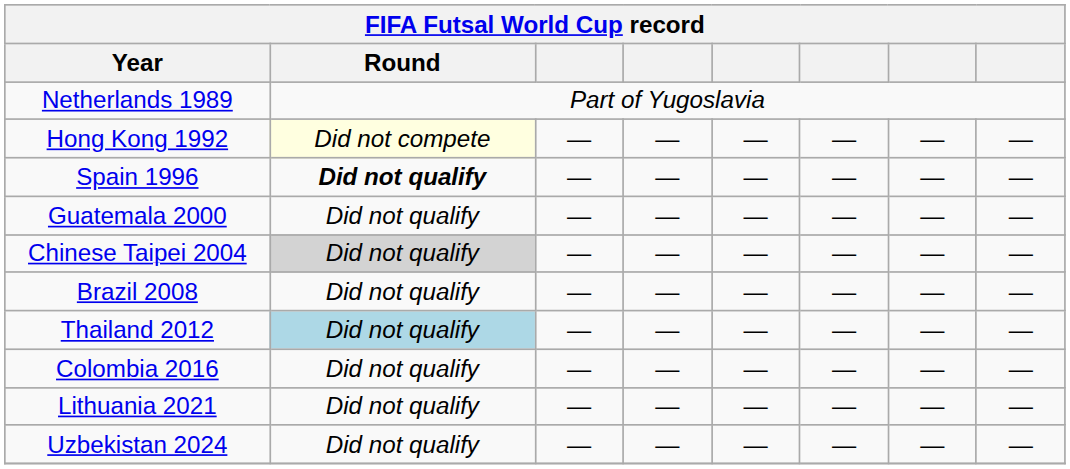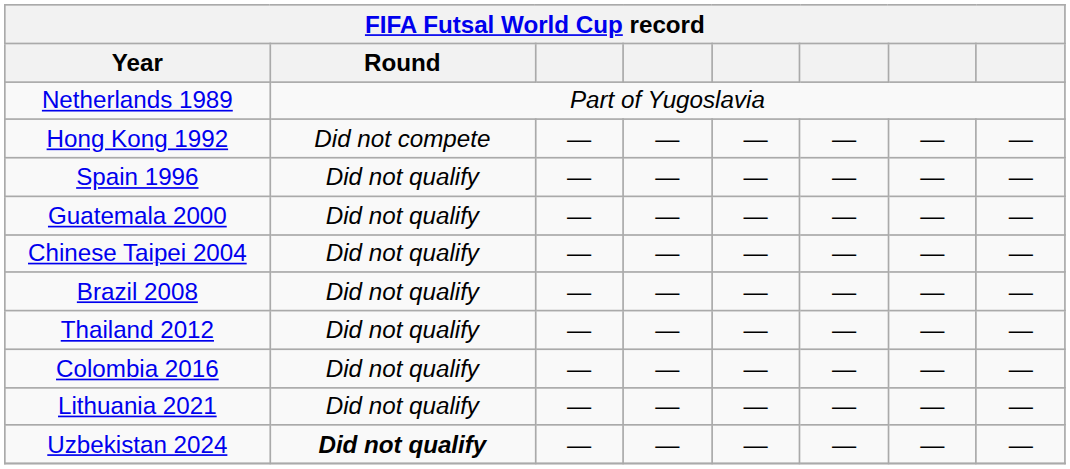 <table class="wikitable" width=50% style="text-align: center;font-size:90%;">
 <tr>
 <th colspan=9><a href='#'>FIFA Futsal World Cup</a> record</th>
 </tr>
 <tr>
 <th width=25%>Year</th>
 <th width=25%>Round</th>
 <th></th>
 <th></th>
 <th></th>
 <th></th>
 <th></th>
 <th></th>
 </tr>
 <tr>
 <td><a href='#'>Netherlands 1989</a></td>
 <td colspan=8><em>Part of Yugoslavia</em></td>
 </tr>
 <tr>
 <td><a href='#'>Hong Kong 1992</a></td>
-<td style="background: lightyellow;"><em>Did not compete</em></td>
+<td><em>Did not compete</em></td>
 <td>—</td>
 <td>—</td>
 <td>—</td>
 <td>—</td>
 <td>—</td>
 <td>—</td>
 </tr>
 <tr>
 <td><a href='#'>Spain 1996</a></td>
-<td><strong><em>Did not qualify</em></strong></td>
+<td><em>Did not qualify</em></td>
 <td>—</td>
 <td>—</td>
 <td>—</td>
 <td>—</td>
 <td>—</td>
 <td>—</td>
 </tr>
 <tr>
 <td><a href='#'>Guatemala 2000</a></td>
 <td><em>Did not qualify</em></td>
 <td>—</td>
 <td>—</td>
 <td>—</td>
 <td>—</td>
 <td>—</td>
 <td>—</td>
 </tr>
 <tr>
 <td><a href='#'>Chinese Taipei 2004</a></td>
-<td style="background: lightgrey;"><em>Did not qualify</em></td>
+<td><em>Did not qualify</em></td>
 <td>—</td>
 <td>—</td>
 <td>—</td>
 <td>—</td>
 <td>—</td>
 <td>—</td>
 </tr>
 <tr>
 <td><a href='#'>Brazil 2008</a></td>
 <td><em>Did not qualify</em></td>
 <td>—</td>
 <td>—</td>
 <td>—</td>
 <td>—</td>
 <td>—</td>
 <td>—</td>
 </tr>
 <tr>
 <td><a href='#'>Thailand 2012</a></td>
-<td style="background: lightblue;"><em>Did not qualify</em></td>
+<td><em>Did not qualify</em></td>
 <td>—</td>
 <td>—</td>
 <td>—</td>
 <td>—</td>
 <td>—</td>
 <td>—</td>
 </tr>
 <tr>
 <td><a href='#'>Colombia 2016</a></td>
 <td><em>Did not qualify</em></td>
 <td>—</td>
 <td>—</td>
 <td>—</td>
 <td>—</td>
 <td>—</td>
 <td>—</td>
 </tr>
 <tr>
 <td><a href='#'>Lithuania 2021</a></td>
 <td><em>Did not qualify</em></td>
 <td>—</td>
 <td>—</td>
 <td>—</td>
 <td>—</td>
 <td>—</td>
 <td>—</td>
 </tr>
 <tr>
 <td><a href='#'>Uzbekistan 2024</a></td>
-<td><em>Did not qualify</em></td>
+<td><strong><em>Did not qualify</em></strong></td>
 <td>—</td>
 <td>—</td>
 <td>—</td>
 <td>—</td>
 <td>—</td>
 <td>—</td>
 </tr>
 <tr>
 </tr>
 </table>
